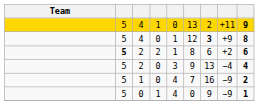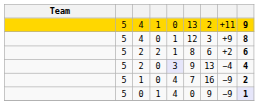 <table class=wikitable style="text-align:center">
 <tr>
 <th width=165>Team</th>
 <th width=20></th>
 <th width=20></th>
 <th width=20></th>
 <th width=20></th>
 <th width=20></th>
 <th width=20></th>
 <th width=20></th>
 <th width=20></th>
 </tr>
 <tr align=center bgcolor=gold>
 <td align=left></td>
 <td>5</td>
 <td>4</td>
 <td>1</td>
 <td>0</td>
 <td>13</td>
 <td>2</td>
 <td>+11</td>
 <td><strong>9</strong></td>
 </tr>
 <tr align=center>
 <td align=left></td>
 <td>5</td>
 <td>4</td>
 <td>0</td>
 <td>1</td>
 <td>12</td>
-<td><strong>3</strong></td>
+<td>3</td>
 <td>+9</td>
 <td><strong>8</strong></td>
 </tr>
 <tr align=center>
 <td align=left></td>
-<td><strong>5</strong></td>
+<td>5</td>
 <td>2</td>
 <td>2</td>
 <td>1</td>
 <td>8</td>
 <td>6</td>
 <td>+2</td>
 <td><strong>6</strong></td>
 </tr>
 <tr align=center>
 <td align=left></td>
 <td>5</td>
 <td>2</td>
 <td>0</td>
-<td>3</td>
+<td style="background: lavender;">3</td>
 <td>9</td>
 <td>13</td>
 <td>−4</td>
 <td><strong>4</strong></td>
 </tr>
 <tr align=center>
 <td align=left></td>
 <td>5</td>
 <td>1</td>
 <td>0</td>
 <td>4</td>
 <td>7</td>
 <td>16</td>
 <td>−9</td>
 <td><strong>2</strong></td>
 </tr>
 <tr align=center>
 <td align=left></td>
 <td>5</td>
 <td>0</td>
 <td>1</td>
 <td>4</td>
 <td>0</td>
 <td>9</td>
 <td>−9</td>
-<td><strong>1</strong></td>
+<td style="background: lavender;"><strong>1</strong></td>
 </tr>
 <tr align=center>
 </tr>
 </table>
